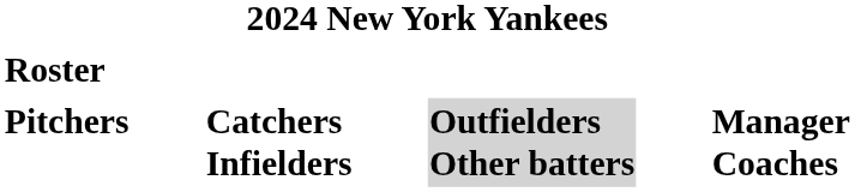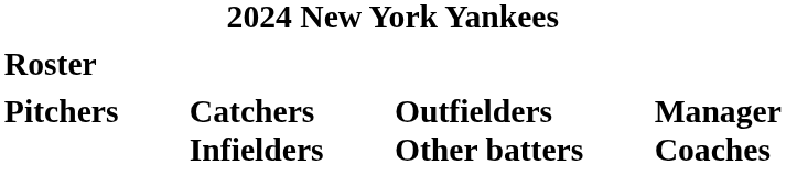 <table class="toccolours" style="font-size: 95%;">
 <tr>
 <th colspan="10">2024 New York Yankees</th>
 </tr>
 <tr>
 <td colspan="10"><strong>Roster</strong></td>
 </tr>
 <tr>
 <td valign="top"><strong>Pitchers</strong><br>                              </td>
 <td style="width:25px;"></td>
 <td valign="top"><strong>Catchers</strong><br>   <strong>Infielders</strong>          </td>
 <td style="width:25px;"></td>
-<td valign="top" style="background: lightgrey;"><strong>Outfielders</strong><br>        <strong>Other batters</strong>  </td>
+<td valign="top"><strong>Outfielders</strong><br>        <strong>Other batters</strong>  </td>
 <td style="width:25px;"></td>
 <td valign="top"><strong>Manager</strong><br> <strong>Coaches</strong>                  </td>
 </tr>
 </table>
